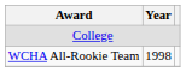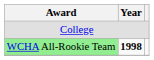 <table class="wikitable">
 <tr>
 <th>Award</th>
 <th>Year</th>
 <th></th>
 </tr>
 <tr ALIGN="center" bgcolor="#e0e0e0">
 <td colspan="3"><a href='#'>College</a></td>
 </tr>
 <tr>
-<td><a href='#'>WCHA</a> All-Rookie Team</td>
-<td>1998</td>
+<td style="background: lightgreen;"><a href='#'>WCHA</a> All-Rookie Team</td>
+<td><strong>1998</strong></td>
 <td></td>
 </tr>
 <tr>
 </tr>
 </table>
